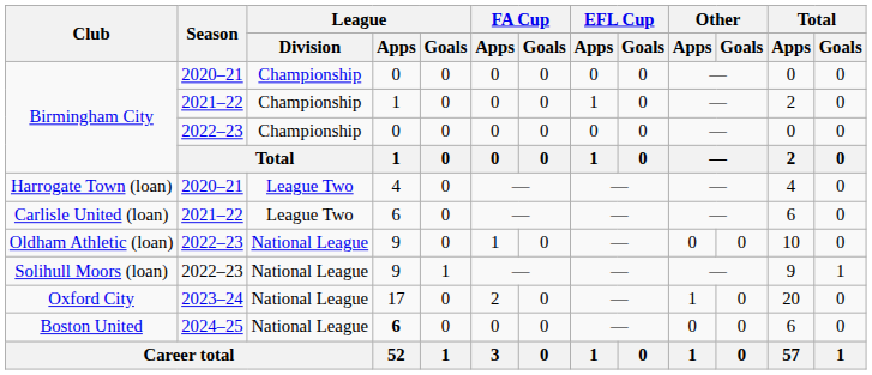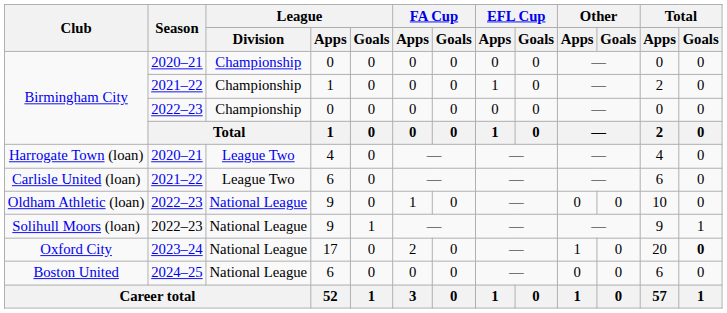 <table class=wikitable style=text-align:center>
 <tr>
 <th rowspan="2">Club</th>
 <th rowspan="2">Season</th>
 <th colspan="3">League</th>
 <th colspan="2"><a href='#'>FA Cup</a></th>
 <th colspan="2"><a href='#'>EFL Cup</a></th>
 <th colspan="2">Other</th>
 <th colspan="2">Total</th>
 </tr>
 <tr>
 <th>Division</th>
 <th>Apps</th>
 <th>Goals</th>
 <th>Apps</th>
 <th>Goals</th>
 <th>Apps</th>
 <th>Goals</th>
 <th>Apps</th>
 <th>Goals</th>
 <th>Apps</th>
 <th>Goals</th>
 </tr>
 <tr>
 <td rowspan="4"><a href='#'>Birmingham City</a></td>
 <td><a href='#'>2020–21</a></td>
 <td><a href='#'>Championship</a></td>
 <td>0</td>
 <td>0</td>
 <td>0</td>
 <td>0</td>
 <td>0</td>
 <td>0</td>
 <td colspan="2">—</td>
 <td>0</td>
 <td>0</td>
 </tr>
 <tr>
 <td><a href='#'>2021–22</a></td>
 <td>Championship</td>
 <td>1</td>
 <td>0</td>
 <td>0</td>
 <td>0</td>
 <td>1</td>
 <td>0</td>
 <td colspan="2">—</td>
 <td>2</td>
 <td>0</td>
 </tr>
 <tr>
 <td><a href='#'>2022–23</a></td>
 <td>Championship</td>
 <td>0</td>
 <td>0</td>
 <td>0</td>
 <td>0</td>
 <td>0</td>
 <td>0</td>
 <td colspan="2">—</td>
 <td>0</td>
 <td>0</td>
 </tr>
 <tr>
 <th colspan="2">Total</th>
 <th>1</th>
 <th>0</th>
 <th>0</th>
 <th>0</th>
 <th>1</th>
 <th>0</th>
 <th colspan="2">—</th>
 <th>2</th>
 <th>0</th>
 </tr>
 <tr>
 <td><a href='#'>Harrogate Town</a> (loan)</td>
 <td><a href='#'>2020–21</a></td>
 <td><a href='#'>League Two</a></td>
 <td>4</td>
 <td>0</td>
 <td colspan="2">—</td>
 <td colspan="2">—</td>
 <td colspan="2">—</td>
 <td>4</td>
 <td>0</td>
 </tr>
 <tr>
 <td><a href='#'>Carlisle United</a> (loan)</td>
 <td><a href='#'>2021–22</a></td>
 <td>League Two</td>
 <td>6</td>
 <td>0</td>
 <td colspan="2">—</td>
 <td colspan="2">—</td>
 <td colspan="2">—</td>
 <td>6</td>
 <td>0</td>
 </tr>
 <tr>
 <td><a href='#'>Oldham Athletic</a> (loan)</td>
 <td><a href='#'>2022–23</a></td>
 <td><a href='#'>National League</a></td>
 <td>9</td>
 <td>0</td>
 <td>1</td>
 <td>0</td>
 <td colspan="2">—</td>
 <td>0</td>
 <td>0</td>
 <td>10</td>
 <td>0</td>
 </tr>
 <tr>
 <td><a href='#'>Solihull Moors</a> (loan)</td>
 <td>2022–23</td>
 <td>National League</td>
 <td>9</td>
 <td>1</td>
 <td colspan="2">—</td>
 <td colspan="2">—</td>
 <td colspan="2">—</td>
 <td>9</td>
 <td>1</td>
 </tr>
 <tr>
 <td><a href='#'>Oxford City</a></td>
 <td><a href='#'>2023–24</a></td>
 <td>National League</td>
 <td>17</td>
 <td>0</td>
 <td>2</td>
 <td>0</td>
 <td colspan="2">—</td>
 <td>1</td>
 <td>0</td>
 <td>20</td>
-<td>0</td>
+<td><strong>0</strong></td>
 </tr>
 <tr>
 <td><a href='#'>Boston United</a></td>
 <td><a href='#'>2024–25</a></td>
 <td>National League</td>
-<td><strong>6</strong></td>
+<td>6</td>
 <td>0</td>
 <td>0</td>
 <td>0</td>
 <td colspan="2">—</td>
 <td>0</td>
 <td>0</td>
 <td>6</td>
 <td>0</td>
 </tr>
 <tr>
 <th colspan="3">Career total</th>
 <th>52</th>
 <th>1</th>
 <th>3</th>
 <th>0</th>
 <th>1</th>
 <th>0</th>
 <th>1</th>
 <th>0</th>
 <th>57</th>
 <th>1</th>
 </tr>
 </table>
